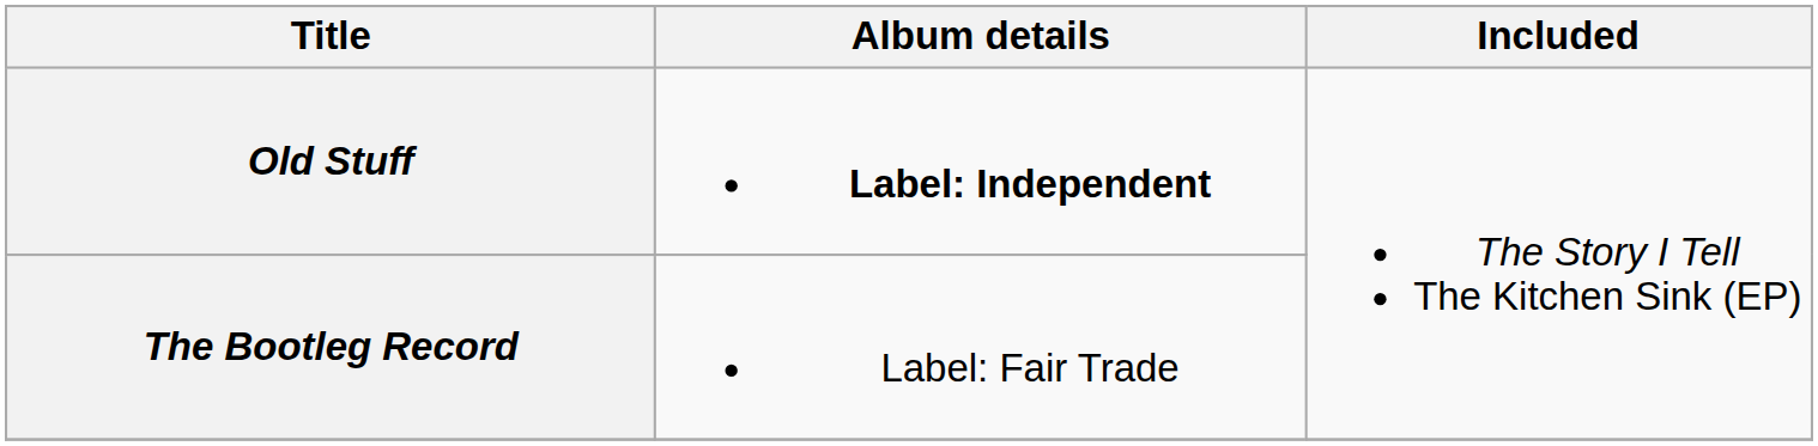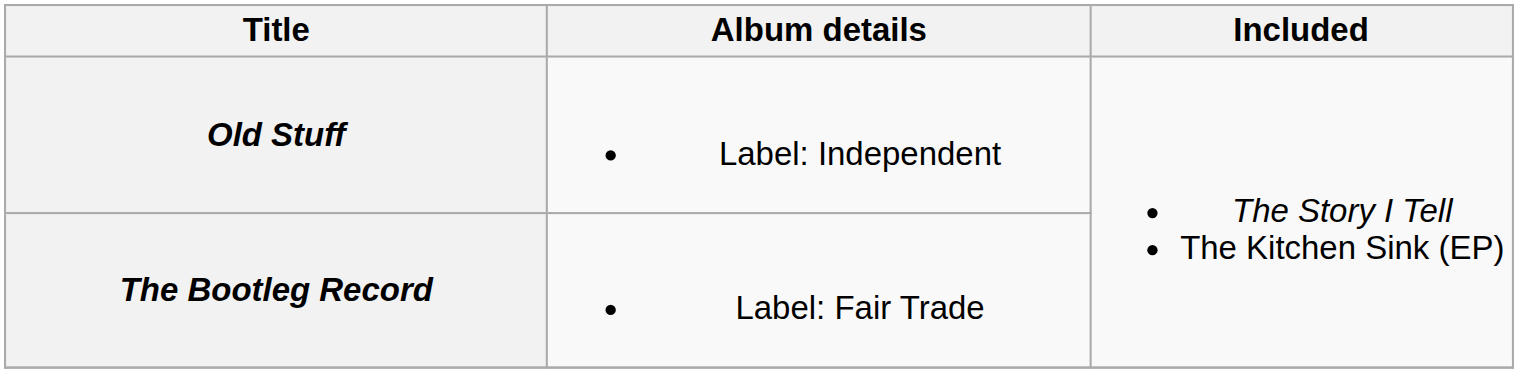 <table class="wikitable plainrowheaders" style="text-align:center;">
 <tr>
 <th scope="col" style="width:16em;">Title</th>
 <th scope="col" style="width:16em;">Album details</th>
 <th scope="col" colspan="1">Included</th>
 </tr>
 <tr>
 <th scope="row"><em>Old Stuff</em></th>
-<td><strong><br><ul><li>Label: Independent</li></ul></strong></td>
+<td><br><ul><li>Label: Independent</li></ul></td>
 <td rowspan="2"><br><ul><li><em>The Story I Tell</em></li><li>The Kitchen Sink (EP)</li></ul></td>
 </tr>
 <tr>
 <th scope="row"><em>The Bootleg Record</em></th>
 <td><br><ul><li>Label: Fair Trade</li></ul></td>
 </tr>
 <tr>
 </tr>
 </table>
